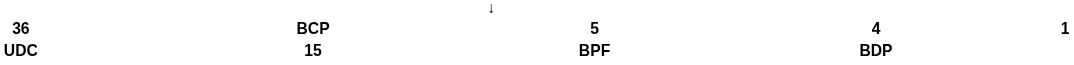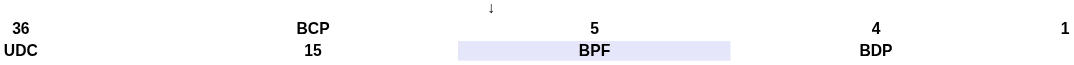 <table style="width:100%; text-align:center; font-weight:bold;">
 <tr>
 <td colspan="10">↓</td>
 </tr>
 <tr style="color:black;">
 <td style="background:">36</td>
 <td>BCP</td>
 <td style="background:">5</td>
 <td style="background:">4</td>
 <td style="background:">1</td>
 </tr>
 <tr>
 <td>UDC</td>
 <td style="background:">15</td>
-<td>BPF</td>
+<td style="background: lavender;">BPF</td>
 <td>BDP</td>
 <td></td>
 </tr>
 </table>
